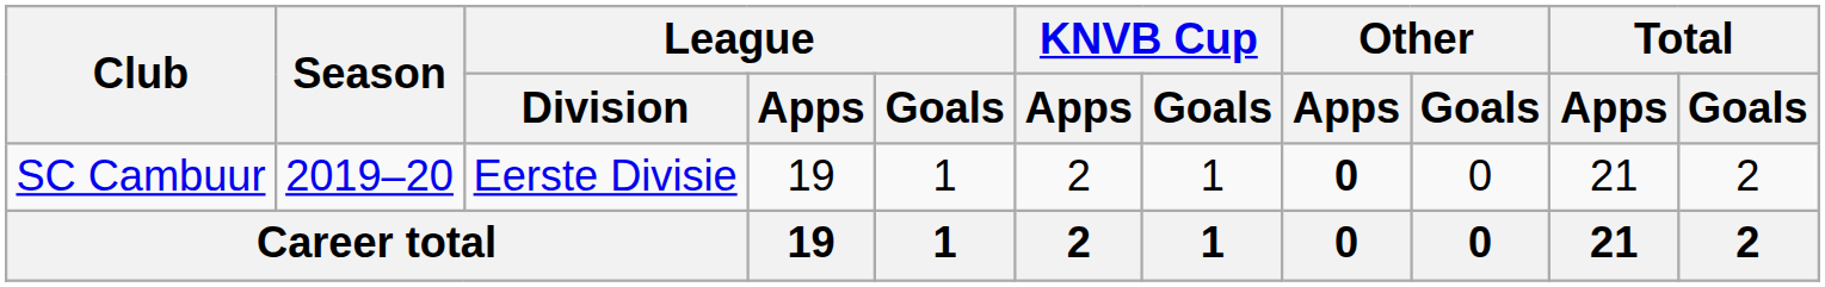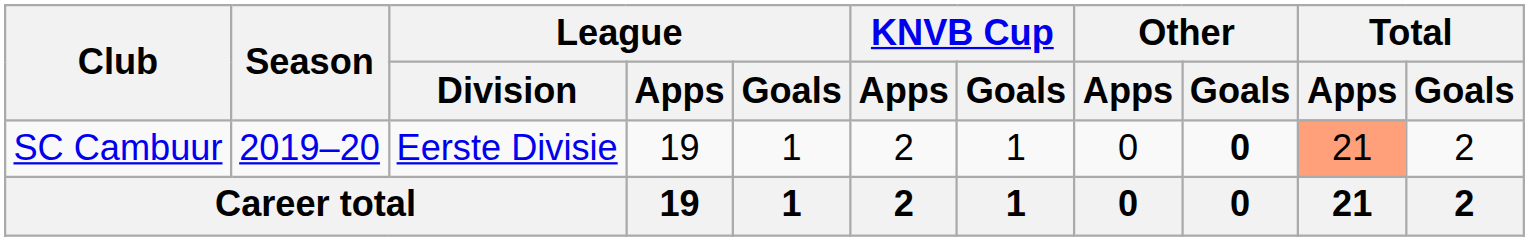 <table class="wikitable" style="text-align: center">
 <tr>
 <th rowspan="2">Club</th>
 <th rowspan="2">Season</th>
 <th colspan="3">League</th>
 <th colspan="2"><a href='#'>KNVB Cup</a></th>
 <th colspan="2">Other</th>
 <th colspan="2">Total</th>
 </tr>
 <tr>
 <th>Division</th>
 <th>Apps</th>
 <th>Goals</th>
 <th>Apps</th>
 <th>Goals</th>
 <th>Apps</th>
 <th>Goals</th>
 <th>Apps</th>
 <th>Goals</th>
 </tr>
 <tr>
 <td><a href='#'>SC Cambuur</a></td>
 <td><a href='#'>2019–20</a></td>
 <td><a href='#'>Eerste Divisie</a></td>
 <td>19</td>
 <td>1</td>
 <td>2</td>
 <td>1</td>
+<td>0</td>
 <td><strong>0</strong></td>
-<td>0</td>
-<td>21</td>
+<td style="background: lightsalmon;">21</td>
 <td>2</td>
 </tr>
 <tr>
 <th colspan="3">Career total</th>
 <th>19</th>
 <th>1</th>
 <th>2</th>
 <th>1</th>
 <th>0</th>
 <th>0</th>
 <th>21</th>
 <th>2</th>
 </tr>
 </table>
